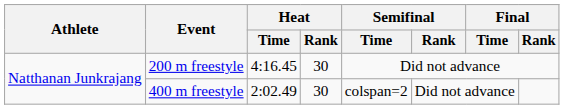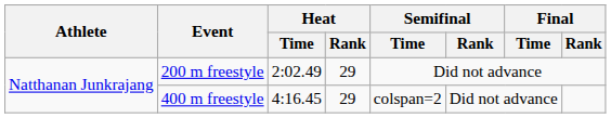 <table class=wikitable style="font-size:90%">
 <tr>
 <th rowspan="2">Athlete</th>
 <th rowspan="2">Event</th>
 <th colspan="2">Heat</th>
 <th colspan="2">Semifinal</th>
 <th colspan="2">Final</th>
 </tr>
 <tr style="font-size:95%">
 <th>Time</th>
 <th>Rank</th>
 <th>Time</th>
 <th>Rank</th>
 <th>Time</th>
 <th>Rank</th>
 </tr>
 <tr align=center>
 <td align=left rowspan=2><a href='#'>Natthanan Junkrajang</a></td>
 <td align=left><a href='#'>200 m freestyle</a></td>
-<td>4:16.45</td>
-<td>30</td>
+<td>2:02.49</td>
+<td>29</td>
 <td colspan=4>Did not advance</td>
 </tr>
 <tr align=center>
 <td align=left><a href='#'>400 m freestyle</a></td>
-<td>2:02.49</td>
-<td>30</td>
+<td>4:16.45</td>
+<td>29</td>
 <td>colspan=2 </td>
 <td colspan=2>Did not advance</td>
 </tr>
 </table>
